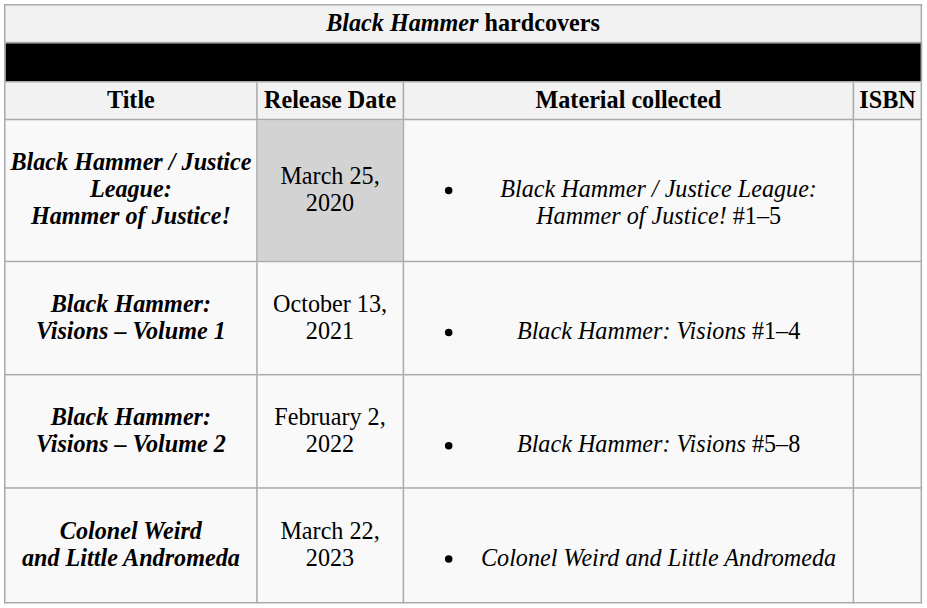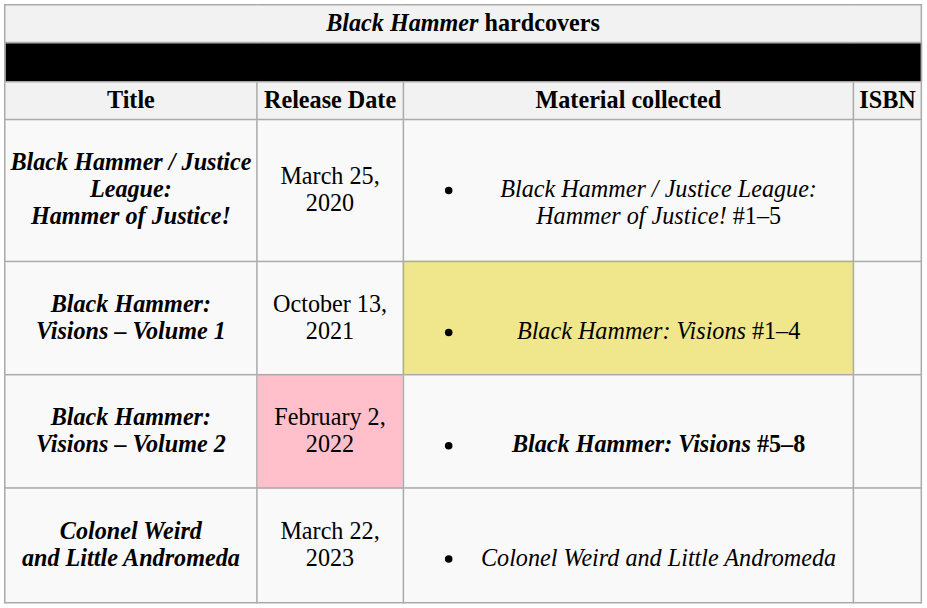 <table class="wikitable mw-collapsible mw-collapsed" style="text-align: center">
 <tr>
 <th colspan=5><em>Black Hammer</em> hardcovers</th>
 </tr>
 <tr>
 <td colspan=5 style="background: #000000;"><strong><em><span>Bʟᴀᴄᴋ Hᴀᴍᴍᴇʀ</span></em></strong></td>
 </tr>
 <tr>
 <th>Title</th>
 <th>Release Date</th>
 <th>Material collected</th>
 <th>ISBN</th>
 </tr>
 <tr>
 <td><strong><em>Black Hammer / Justice League:<br>Hammer of Justice!</em></strong></td>
-<td style="background: lightgrey;">March 25, 2020</td>
+<td>March 25, 2020</td>
 <td><br><ul><li><em>Black Hammer / Justice League: Hammer of Justice!</em> #1–5</li></ul></td>
 <td></td>
 </tr>
 <tr>
 <td><strong><em>Black Hammer:<br>Visions – Volume 1</em></strong></td>
 <td>October 13, 2021</td>
-<td><br><ul><li><em>Black Hammer: Visions</em> #1–4</li></ul></td>
+<td style="background: khaki;"><br><ul><li><em>Black Hammer: Visions</em> #1–4</li></ul></td>
 <td></td>
 </tr>
 <tr>
 <td><strong><em>Black Hammer:<br>Visions – Volume 2</em></strong></td>
-<td>February 2, 2022</td>
-<td><br><ul><li><em>Black Hammer: Visions</em> #5–8</li></ul></td>
+<td style="background: pink;">February 2, 2022</td>
+<td><strong><br><ul><li><em>Black Hammer: Visions</em> #5–8</li></ul></strong></td>
 <td></td>
 </tr>
 <tr>
 <td><strong><em>Colonel Weird<br>and Little Andromeda</em></strong></td>
 <td>March 22, 2023</td>
 <td><br><ul><li><em>Colonel Weird and Little Andromeda</em></li></ul></td>
 <td></td>
 </tr>
 </table>
